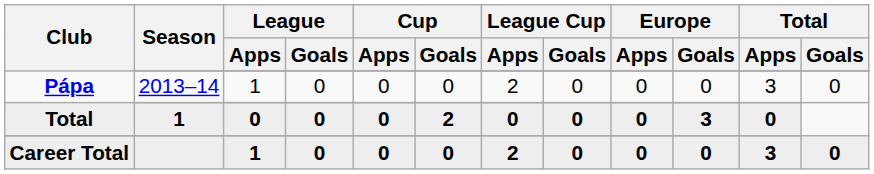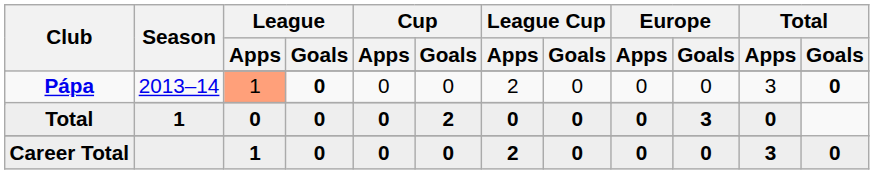 <table class="wikitable" style="font-size:90%; text-align: center;">
 <tr>
 <th rowspan="2">Club</th>
 <th rowspan="2">Season</th>
 <th colspan="2">League</th>
 <th colspan="2">Cup</th>
 <th colspan="2">League Cup</th>
 <th colspan="2">Europe</th>
 <th colspan="2">Total</th>
 </tr>
 <tr>
 <th>Apps</th>
 <th>Goals</th>
 <th>Apps</th>
 <th>Goals</th>
 <th>Apps</th>
 <th>Goals</th>
 <th>Apps</th>
 <th>Goals</th>
 <th>Apps</th>
 <th>Goals</th>
 </tr>
 <tr ||-||-||-|->
 <td rowspan="3" valign="center"><strong><a href='#'>Pápa</a></strong></td>
 </tr>
 <tr>
 <td><a href='#'>2013–14</a></td>
-<td>1</td>
-<td>0</td>
+<td style="background: lightsalmon;">1</td>
+<td><strong>0</strong></td>
 <td>0</td>
 <td>0</td>
 <td>2</td>
 <td>0</td>
 <td>0</td>
 <td>0</td>
 <td>3</td>
-<td>0</td>
+<td><strong>0</strong></td>
 </tr>
 <tr>
 </tr>
 <tr style="font-weight:bold; background-color:#eeeeee;">
 <td>Total</td>
 <td>1</td>
 <td>0</td>
 <td>0</td>
 <td>0</td>
 <td>2</td>
 <td>0</td>
 <td>0</td>
 <td>0</td>
 <td>3</td>
 <td>0</td>
 </tr>
 <tr>
 </tr>
 <tr style="font-weight:bold; background-color:#eeeeee;">
 <td rowspan="2" valign="top"><strong>Career Total</strong></td>
 <td></td>
 <td><strong>1</strong></td>
 <td><strong>0</strong></td>
 <td><strong>0</strong></td>
 <td><strong>0</strong></td>
 <td><strong>2</strong></td>
 <td><strong>0</strong></td>
 <td><strong>0</strong></td>
 <td><strong>0</strong></td>
 <td><strong>3</strong></td>
 <td><strong>0</strong></td>
 </tr>
 </table>
